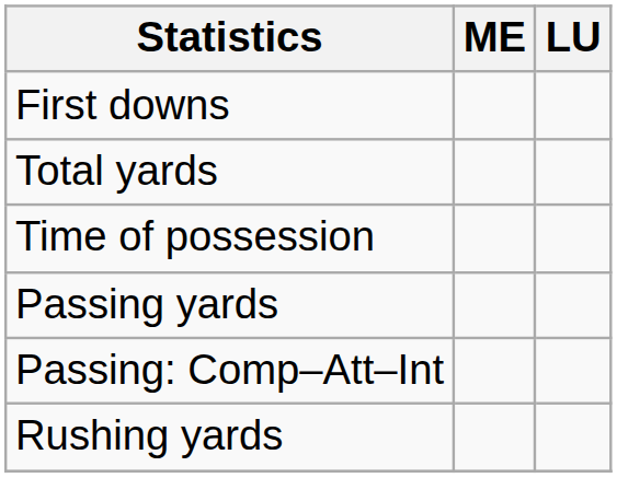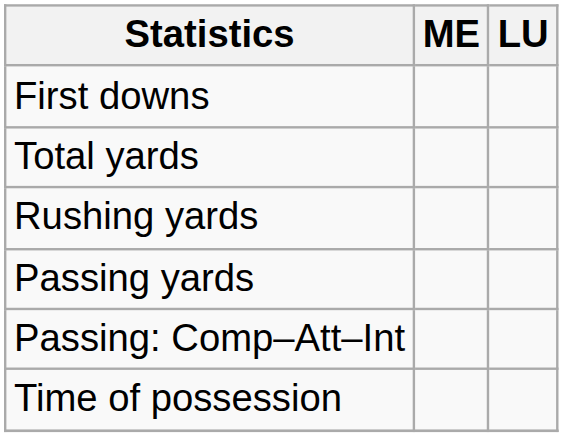 <table class="wikitable" style="float: left;">
 <tr>
 <th>Statistics</th>
 <th>ME</th>
 <th>LU</th>
 </tr>
 <tr>
 <td>First downs</td>
 <td></td>
 <td></td>
 </tr>
 <tr>
 <td>Total yards</td>
 <td></td>
 <td></td>
 </tr>
 <tr>
-<td>Time of possession</td>
+<td>Rushing yards</td>
 <td></td>
 <td></td>
 </tr>
 <tr>
 <td>Passing yards</td>
 <td></td>
 <td></td>
 </tr>
 <tr>
 <td>Passing: Comp–Att–Int</td>
 <td></td>
 <td></td>
 </tr>
 <tr>
-<td>Rushing yards</td>
+<td>Time of possession</td>
 <td></td>
 <td></td>
 </tr>
 <tr>
 </tr>
 </table>
